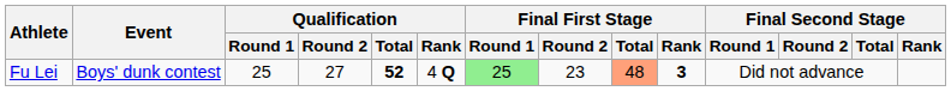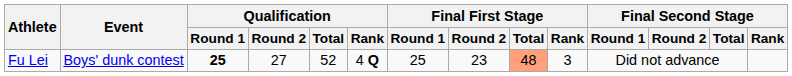 <table class="wikitable" style="font-size:90%;">
 <tr>
 <th rowspan=2>Athlete</th>
 <th rowspan=2>Event</th>
 <th colspan=4>Qualification</th>
 <th colspan=4>Final First Stage</th>
 <th colspan=4>Final Second Stage</th>
 </tr>
 <tr style="font-size:95%">
 <th>Round 1</th>
 <th>Round 2</th>
 <th>Total</th>
 <th>Rank</th>
 <th>Round 1</th>
 <th>Round 2</th>
 <th>Total</th>
 <th>Rank</th>
 <th>Round 1</th>
 <th>Round 2</th>
 <th>Total</th>
 <th>Rank</th>
 </tr>
 <tr align=center>
 <td align=left><a href='#'>Fu Lei</a></td>
 <td align=left><a href='#'>Boys' dunk contest</a></td>
+<td><strong>25</strong></td>
+<td>27</td>
+<td>52</td>
+<td>4 <strong>Q</strong></td>
 <td>25</td>
-<td>27</td>
-<td><strong>52</strong></td>
-<td>4 <strong>Q</strong></td>
-<td style="background: lightgreen;">25</td>
 <td>23</td>
 <td style="background: lightsalmon;">48</td>
-<td><strong>3</strong></td>
+<td>3</td>
 <td colspan=3>Did not advance</td>
 <td></td>
 </tr>
 </table>
